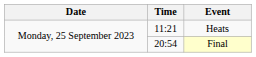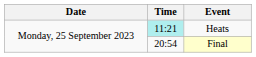 <table class = "wikitable" style="text-align:center;">
 <tr>
 <th width=220>Date</th>
 <th width=50>Time</th>
 <th width=100>Event</th>
 </tr>
 <tr>
 <td rowspan=2>Monday, 25 September 2023</td>
-<td>11:21</td>
+<td style="background: paleturquoise;">11:21</td>
 <td>Heats</td>
 </tr>
 <tr>
 <td>20:54</td>
 <td bgcolor=ffffcc>Final</td>
 </tr>
 </table>
